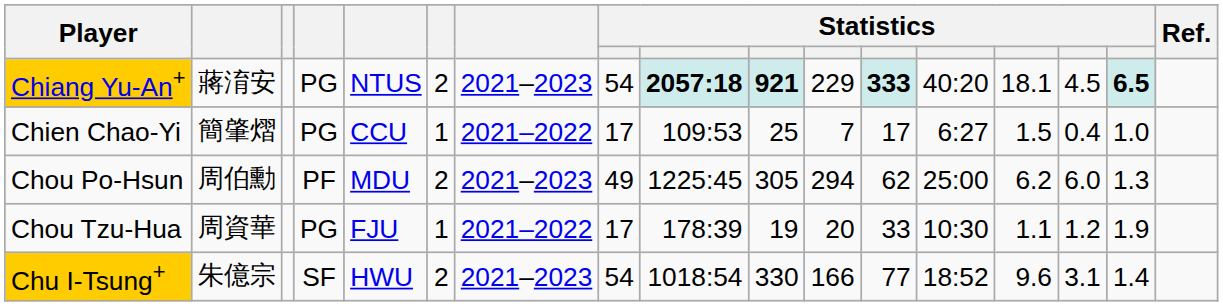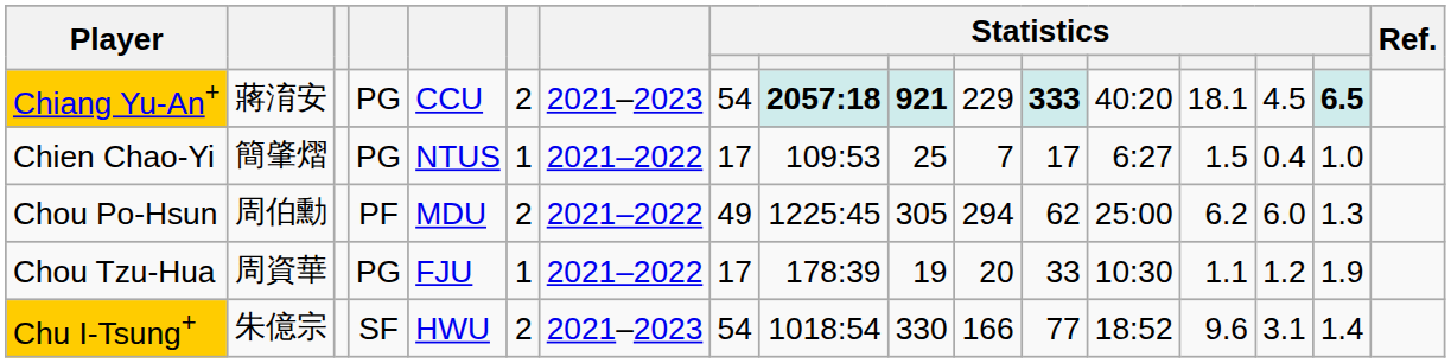 <table class="wikitable sortable" style="font-size:95%; text-align:right;">
 <tr>
 <th rowspan="2">Player</th>
 <th rowspan="2"></th>
 <th rowspan="2"></th>
 <th rowspan="2"></th>
 <th rowspan="2"></th>
 <th rowspan="2"></th>
 <th rowspan="2"></th>
 <th colspan="9">Statistics</th>
 <th rowspan="2">Ref.</th>
 </tr>
 <tr>
 <th></th>
 <th></th>
 <th></th>
 <th></th>
 <th></th>
 <th></th>
 <th></th>
 <th></th>
 <th></th>
 </tr>
 <tr>
 <td align="left" bgcolor="#FFCC00"><a href='#'>Chiang Yu-An</a><sup>+</sup></td>
 <td align="left">蔣淯安</td>
 <td align="center"></td>
 <td align="center">PG</td>
-<td align="left"><a href='#'>NTUS</a></td>
+<td align="left"><a href='#'>CCU</a></td>
 <td align="center">2</td>
 <td align="center"><a href='#'>2021</a>–<a href='#'>2023</a></td>
 <td>54</td>
 <td bgcolor="#CFECEC"><strong>2057:18</strong></td>
 <td bgcolor="#CFECEC"><strong>921</strong></td>
 <td>229</td>
 <td bgcolor="#CFECEC"><strong>333</strong></td>
 <td>40:20</td>
 <td>18.1</td>
 <td>4.5</td>
 <td bgcolor="#CFECEC"><strong>6.5</strong></td>
 <td align="center"></td>
 </tr>
 <tr>
 <td align="left">Chien Chao-Yi</td>
 <td align="left">簡肇熠</td>
 <td align="center"></td>
 <td align="center">PG</td>
-<td align="left"><a href='#'>CCU</a></td>
+<td align="left"><a href='#'>NTUS</a></td>
 <td align="center">1</td>
 <td align="center"><a href='#'>2021–2022</a></td>
 <td>17</td>
 <td>109:53</td>
 <td>25</td>
 <td>7</td>
 <td>17</td>
 <td>6:27</td>
 <td>1.5</td>
 <td>0.4</td>
 <td>1.0</td>
 <td align="center"></td>
 </tr>
 <tr>
 <td align="left">Chou Po-Hsun</td>
 <td align="left">周伯勳</td>
 <td align="center"></td>
 <td align="center">PF</td>
 <td align="left"><a href='#'>MDU</a></td>
 <td align="center">2</td>
-<td align="center"><a href='#'>2021</a>–<a href='#'>2023</a></td>
+<td align="center"><a href='#'>2021–2022</a></td>
 <td>49</td>
 <td>1225:45</td>
 <td>305</td>
 <td>294</td>
 <td>62</td>
 <td>25:00</td>
 <td>6.2</td>
 <td>6.0</td>
 <td>1.3</td>
 <td align="center"></td>
 </tr>
 <tr>
 <td align="left">Chou Tzu-Hua</td>
 <td align="left">周資華</td>
 <td align="center"></td>
 <td align="center">PG</td>
 <td align="left"><a href='#'>FJU</a></td>
 <td align="center">1</td>
 <td align="center"><a href='#'>2021–2022</a></td>
 <td>17</td>
 <td>178:39</td>
 <td>19</td>
 <td>20</td>
 <td>33</td>
 <td>10:30</td>
 <td>1.1</td>
 <td>1.2</td>
 <td>1.9</td>
 <td align="center"></td>
 </tr>
 <tr>
 <td align="left" bgcolor="#FFCC00">Chu I-Tsung<sup>+</sup></td>
 <td align="left">朱億宗</td>
 <td align="center"></td>
 <td align="center">SF</td>
 <td align="left"><a href='#'>HWU</a></td>
 <td align="center">2</td>
 <td align="center"><a href='#'>2021</a>–<a href='#'>2023</a></td>
 <td>54</td>
 <td>1018:54</td>
 <td>330</td>
 <td>166</td>
 <td>77</td>
 <td>18:52</td>
 <td>9.6</td>
 <td>3.1</td>
 <td>1.4</td>
 <td align="center"></td>
 </tr>
 </table>
